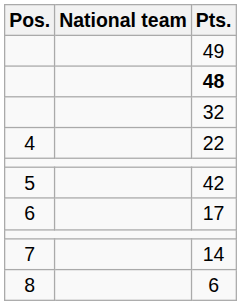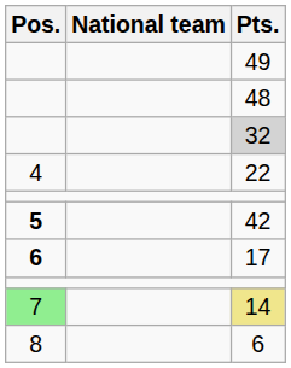 <table class=wikitable style="font-size: 95%">
 <tr>
 <th>Pos.</th>
 <th>National team</th>
 <th>Pts.</th>
 </tr>
 <tr align=center>
 <td></td>
 <td align=left></td>
 <td>49</td>
 </tr>
 <tr align=center>
 <td></td>
 <td align=left></td>
-<td><strong>48</strong></td>
+<td>48</td>
 </tr>
 <tr align=center>
 <td></td>
 <td align=left></td>
-<td>32</td>
+<td style="background: lightgrey;">32</td>
 </tr>
 <tr align=center>
 <td>4</td>
 <td align=left></td>
 <td>22</td>
 </tr>
 <tr>
 <td colspan=3 ></td>
 </tr>
 <tr align=center>
-<td>5</td>
+<td><strong>5</strong></td>
 <td align=left></td>
 <td>42</td>
 </tr>
 <tr align=center>
-<td>6</td>
+<td><strong>6</strong></td>
 <td align=left></td>
 <td>17</td>
 </tr>
 <tr>
 <td colspan=3 ></td>
 </tr>
 <tr align=center>
-<td>7</td>
+<td style="background: lightgreen;">7</td>
 <td align=left></td>
-<td>14</td>
+<td style="background: khaki;">14</td>
 </tr>
 <tr align=center>
 <td>8</td>
 <td align=left></td>
 <td>6</td>
 </tr>
 </table>
